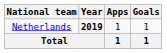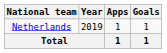 <table class=wikitable style=text-align:center>
 <tr>
 <th>National team</th>
 <th>Year</th>
 <th>Apps</th>
 <th>Goals</th>
 </tr>
 <tr>
 <td><a href='#'>Netherlands</a></td>
-<td><strong>2019</strong></td>
+<td>2019</td>
 <td>1</td>
 <td>1</td>
 </tr>
 <tr>
 <th colspan="2">Total</th>
 <th>1</th>
 <th>1</th>
 </tr>
 </table>
